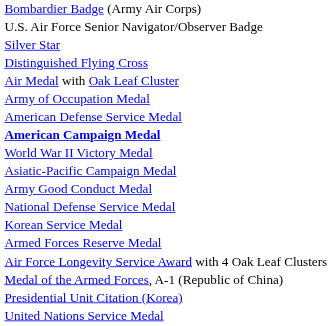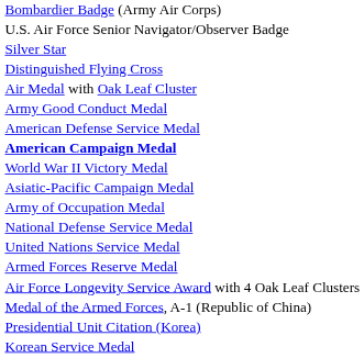 <table>
 <tr>
 <td> <a href='#'>Bombardier Badge</a> (Army Air Corps)</td>
 </tr>
 <tr>
 <td>  U.S. Air Force Senior Navigator/Observer Badge</td>
 </tr>
 <tr>
 <td>   <a href='#'>Silver Star</a></td>
 </tr>
 <tr>
 <td>   <a href='#'>Distinguished Flying Cross</a></td>
 </tr>
 <tr>
 <td>   <a href='#'>Air Medal</a> with <a href='#'>Oak Leaf Cluster</a></td>
 </tr>
 <tr>
-<td> <a href='#'>Army of Occupation Medal</a></td>
+<td>   <a href='#'>Army Good Conduct Medal</a></td>
 </tr>
 <tr>
 <td>   <a href='#'>American Defense Service Medal</a></td>
 </tr>
 <tr>
 <td><strong>   <a href='#'>American Campaign Medal</a></strong></td>
 </tr>
 <tr>
 <td>   <a href='#'>World War II Victory Medal</a></td>
 </tr>
 <tr>
 <td>   <a href='#'>Asiatic-Pacific Campaign Medal</a></td>
 </tr>
 <tr>
-<td>   <a href='#'>Army Good Conduct Medal</a></td>
+<td> <a href='#'>Army of Occupation Medal</a></td>
 </tr>
 <tr>
 <td>   <a href='#'>National Defense Service Medal</a></td>
 </tr>
 <tr>
-<td>   <a href='#'>Korean Service Medal</a></td>
+<td>  <a href='#'>United Nations Service Medal</a></td>
 </tr>
 <tr>
 <td>   <a href='#'>Armed Forces Reserve Medal</a></td>
 </tr>
 <tr>
 <td>   <a href='#'>Air Force Longevity Service Award</a> with 4 Oak Leaf Clusters</td>
 </tr>
 <tr>
 <td>  <a href='#'>Medal of the Armed Forces</a>, A-1 (Republic of China)</td>
 </tr>
 <tr>
 <td>  <a href='#'>Presidential Unit Citation (Korea)</a></td>
 </tr>
 <tr>
-<td>  <a href='#'>United Nations Service Medal</a></td>
+<td>   <a href='#'>Korean Service Medal</a></td>
 </tr>
 <tr>
 </tr>
 </table>
